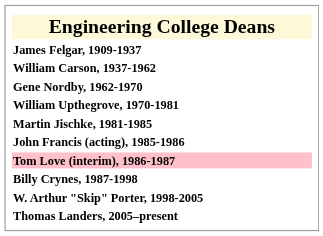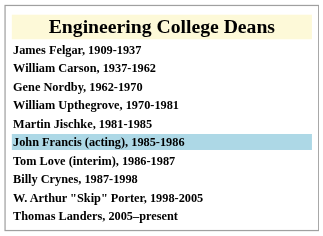 <table style="float:right; margin:0.5em 0em 0.5em 0.5em; width:16em; border:1px solid #a0a0a0; padding:3px; bg-color=#FDF9D8; text-align:right;">
 <tr style="text-align:center;">
 </tr>
 <tr bgcolor="#FDF9D8" align="center">
 <td><strong>Engineering College Deans</strong></td>
 </tr>
 <tr style="text-align:left; font-size:x-small;">
 <td><strong>James Felgar, 1909-1937</strong></td>
 </tr>
 <tr style="text-align:left; font-size:x-small;">
 <td><strong>William Carson, 1937-1962</strong></td>
 </tr>
 <tr style="text-align:left; font-size:x-small;">
 <td><strong>Gene Nordby, 1962-1970</strong></td>
 </tr>
 <tr style="text-align:left; font-size:x-small;">
 <td><strong>William Upthegrove, 1970-1981</strong></td>
 </tr>
 <tr style="text-align:left; font-size:x-small;">
 <td><strong>Martin Jischke, 1981-1985</strong></td>
 </tr>
 <tr style="text-align:left; font-size:x-small;">
-<td><strong>John Francis (acting), 1985-1986</strong></td>
+<td style="background: lightblue;"><strong>John Francis (acting), 1985-1986</strong></td>
 </tr>
 <tr style="text-align:left; font-size:x-small;">
-<td style="background: pink;"><strong>Tom Love (interim), 1986-1987</strong></td>
+<td><strong>Tom Love (interim), 1986-1987</strong></td>
 </tr>
 <tr style="text-align:left; font-size:x-small;">
 <td><strong>Billy Crynes, 1987-1998</strong></td>
 </tr>
 <tr style="text-align:left; font-size:x-small;">
 <td><strong>W. Arthur "Skip" Porter, 1998-2005</strong></td>
 </tr>
 <tr style="text-align:left; font-size:x-small;">
 <td><strong>Thomas Landers, 2005–present</strong></td>
 </tr>
 </table>
